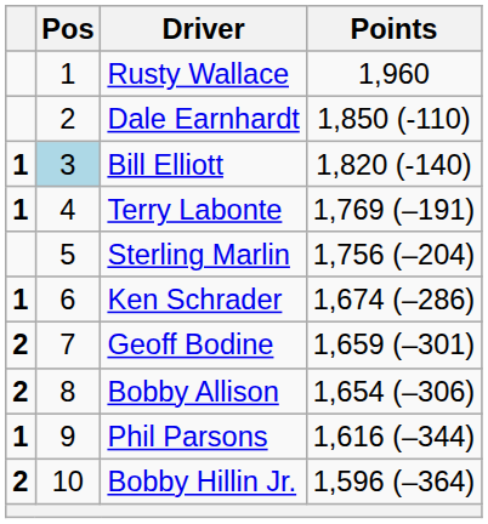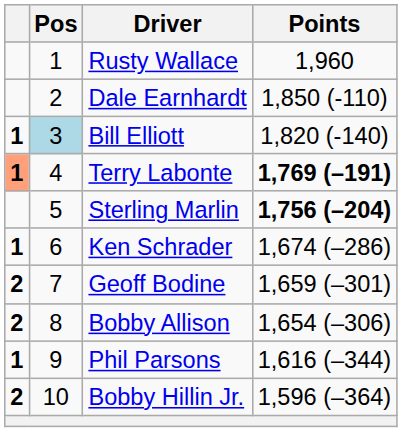 <table class="wikitable" style="font-size: 95%;">
 <tr>
 <th></th>
 <th>Pos</th>
 <th>Driver</th>
 <th>Points</th>
 </tr>
 <tr>
 <td align="left"></td>
 <td style="text-align:center;">1</td>
 <td><a href='#'>Rusty Wallace</a></td>
 <td style="text-align:center;">1,960</td>
 </tr>
 <tr>
 <td align="left"></td>
 <td style="text-align:center;">2</td>
 <td><a href='#'>Dale Earnhardt</a></td>
 <td style="text-align:center;">1,850 (-110)</td>
 </tr>
 <tr>
 <td align="left">  <strong>1</strong></td>
 <td style="background: lightblue; text-align:center;">3</td>
 <td><a href='#'>Bill Elliott</a></td>
 <td style="text-align:center;">1,820 (-140)</td>
 </tr>
 <tr>
-<td align="left">  <strong>1</strong></td>
+<td align="left" style="background: lightsalmon;">  <strong>1</strong></td>
 <td style="text-align:center;">4</td>
 <td><a href='#'>Terry Labonte</a></td>
-<td style="text-align:center;">1,769 (–191)</td>
+<td style="text-align:center;"><strong>1,769 (–191)</strong></td>
 </tr>
 <tr>
 <td align="left"></td>
 <td style="text-align:center;">5</td>
 <td><a href='#'>Sterling Marlin</a></td>
-<td style="text-align:center;">1,756 (–204)</td>
+<td style="text-align:center;"><strong>1,756 (–204)</strong></td>
 </tr>
 <tr>
 <td align="left">  <strong>1</strong></td>
 <td style="text-align:center;">6</td>
 <td><a href='#'>Ken Schrader</a></td>
 <td style="text-align:center;">1,674 (–286)</td>
 </tr>
 <tr>
 <td align="left">  <strong>2</strong></td>
 <td style="text-align:center;">7</td>
 <td><a href='#'>Geoff Bodine</a></td>
 <td style="text-align:center;">1,659 (–301)</td>
 </tr>
 <tr>
 <td align="left">  <strong>2</strong></td>
 <td style="text-align:center;">8</td>
 <td><a href='#'>Bobby Allison</a></td>
 <td style="text-align:center;">1,654 (–306)</td>
 </tr>
 <tr>
 <td align="left">  <strong>1</strong></td>
 <td style="text-align:center;">9</td>
 <td><a href='#'>Phil Parsons</a></td>
 <td style="text-align:center;">1,616 (–344)</td>
 </tr>
 <tr>
 <td align="left">  <strong>2</strong></td>
 <td style="text-align:center;">10</td>
 <td><a href='#'>Bobby Hillin Jr.</a></td>
 <td style="text-align:center;">1,596 (–364)</td>
 </tr>
 <tr class="sortbottom">
 <th colspan="9"></th>
 </tr>
 </table>
